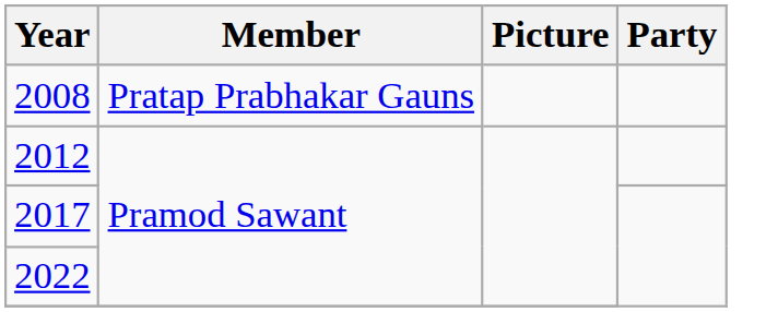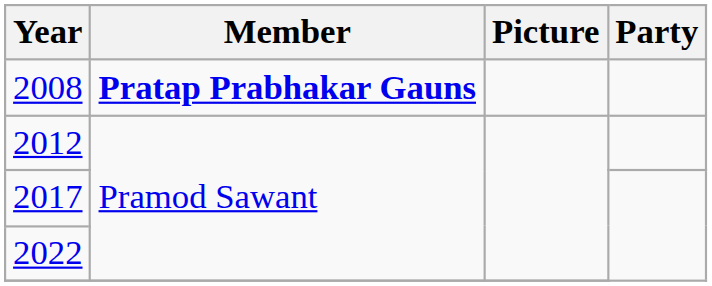 <table class="wikitable sortable">
 <tr>
 <th>Year</th>
 <th>Member</th>
 <th>Picture</th>
 <th colspan="2">Party</th>
 </tr>
 <tr>
 <td><a href='#'>2008</a></td>
-<td><a href='#'>Pratap Prabhakar Gauns</a></td>
+<td><strong><a href='#'>Pratap Prabhakar Gauns</a></strong></td>
 <td></td>
 <td></td>
 </tr>
 <tr>
 <td><a href='#'>2012</a></td>
 <td rowspan=3><a href='#'>Pramod Sawant</a></td>
 <td rowspan=3></td>
 <td></td>
 </tr>
 <tr>
 <td><a href='#'>2017</a></td>
 </tr>
 <tr>
 <td><a href='#'>2022</a></td>
 </tr>
 <tr>
 </tr>
 </table>
